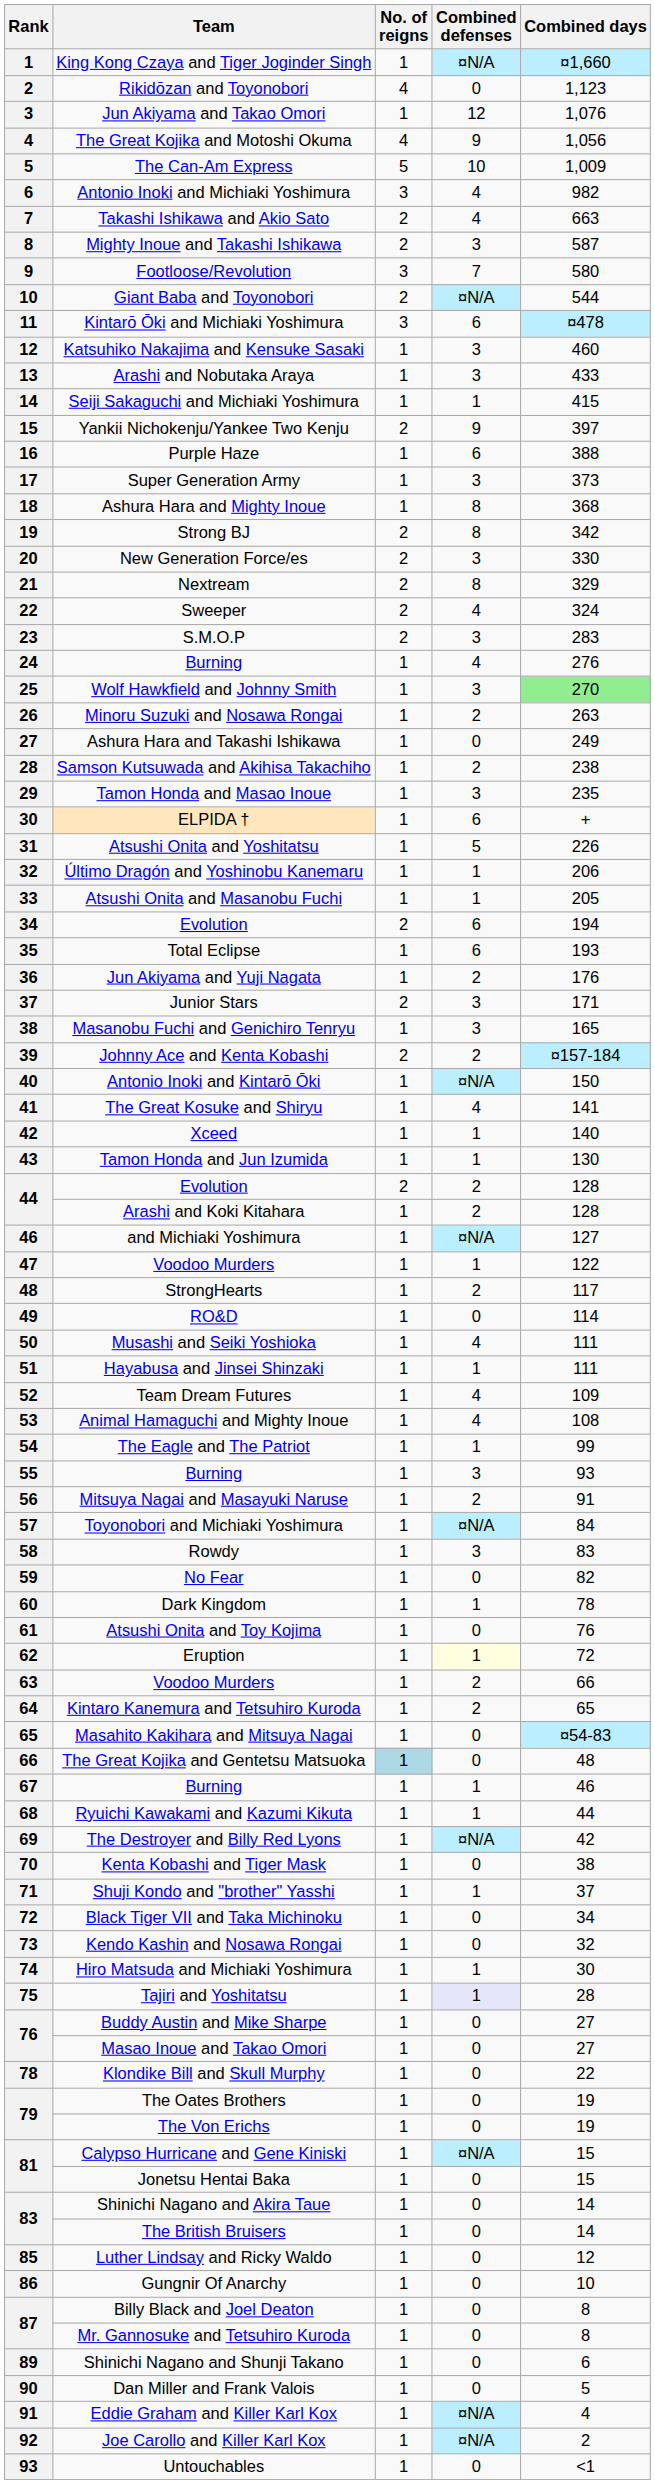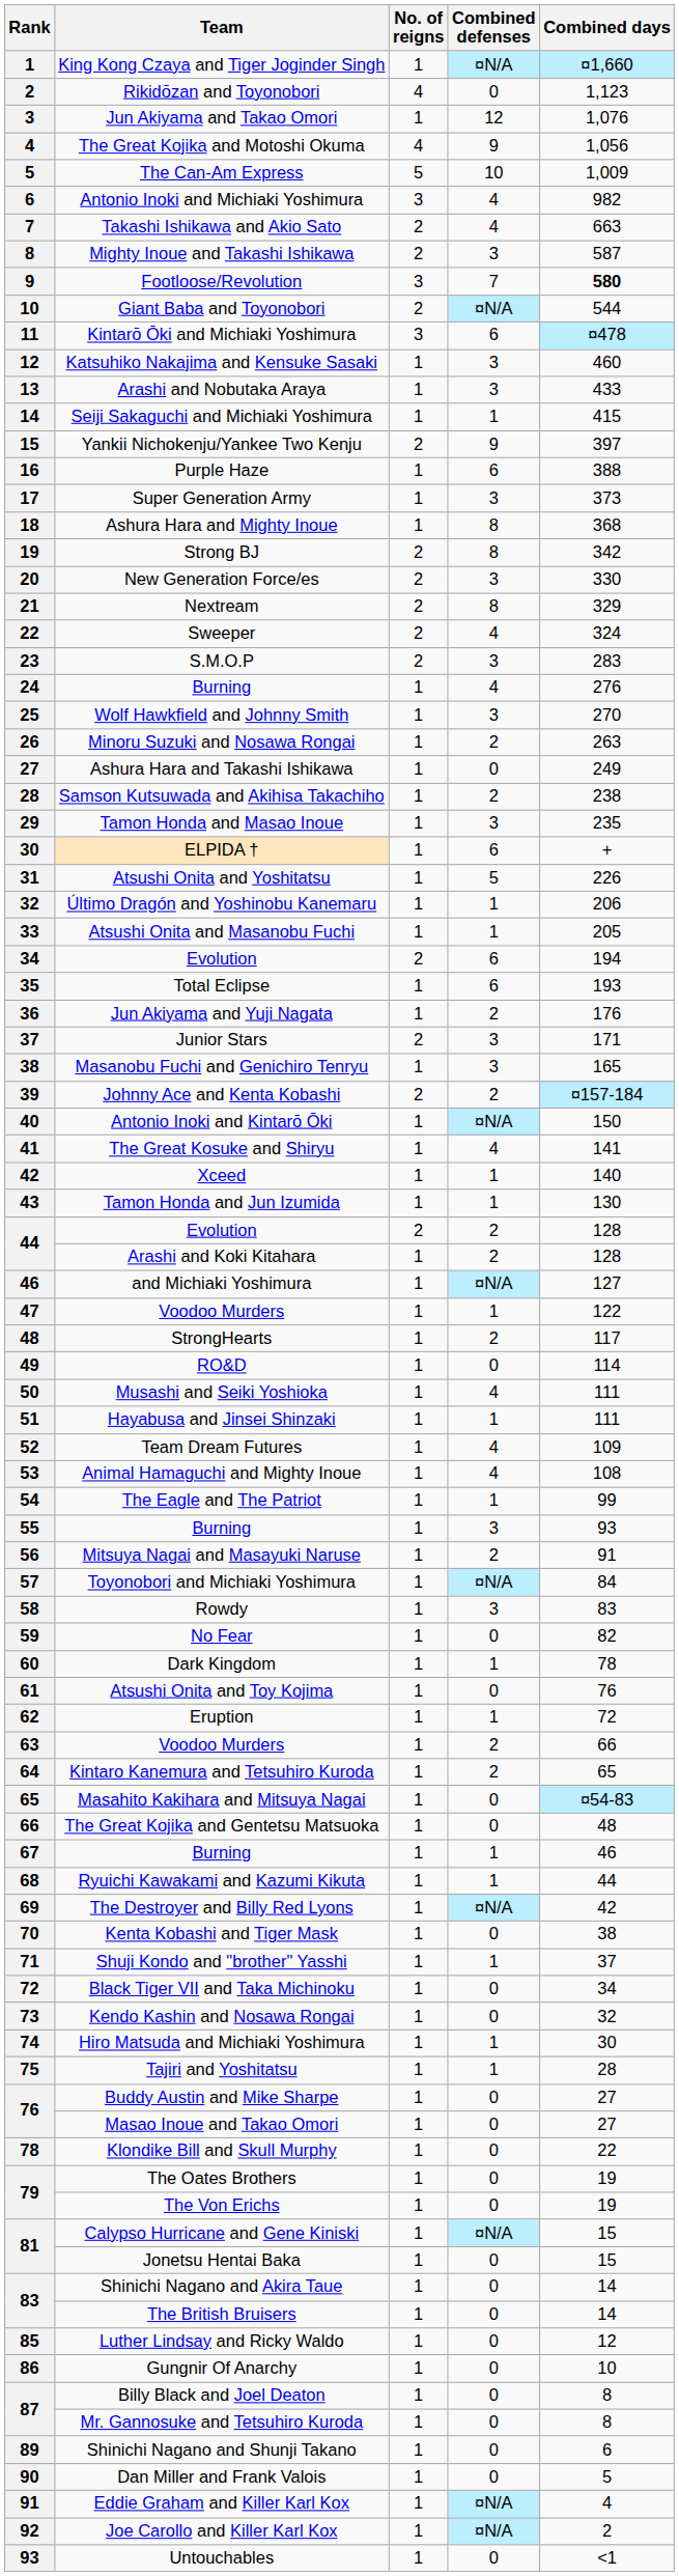 <table class="wikitable sortable" style="text-align: center">
 <tr>
 <th>Rank</th>
 <th>Team</th>
 <th>No. of<br>reigns</th>
 <th>Combined<br>defenses</th>
 <th data-sort-type="number">Combined days</th>
 </tr>
 <tr>
 <th>1</th>
 <td><a href='#'>King Kong Czaya</a> and <a href='#'>Tiger Joginder Singh</a></td>
 <td>1</td>
 <td style="background-color:#bbeeff">¤N/A</td>
 <td style="background-color:#bbeeff">¤1,660</td>
 </tr>
 <tr>
 <th>2</th>
 <td><a href='#'>Rikidōzan</a> and <a href='#'>Toyonobori</a></td>
 <td>4</td>
 <td>0</td>
 <td>1,123</td>
 </tr>
 <tr>
 <th>3</th>
 <td><a href='#'>Jun Akiyama</a> and <a href='#'>Takao Omori</a></td>
 <td>1</td>
 <td>12</td>
 <td>1,076</td>
 </tr>
 <tr>
 <th>4</th>
 <td><a href='#'>The Great Kojika</a> and Motoshi Okuma</td>
 <td>4</td>
 <td>9</td>
 <td>1,056</td>
 </tr>
 <tr>
 <th>5</th>
 <td><a href='#'>The Can-Am Express</a><br></td>
 <td>5</td>
 <td>10</td>
 <td>1,009</td>
 </tr>
 <tr>
 <th>6</th>
 <td><a href='#'>Antonio Inoki</a> and Michiaki Yoshimura</td>
 <td>3</td>
 <td>4</td>
 <td>982</td>
 </tr>
 <tr>
 <th>7</th>
 <td><a href='#'>Takashi Ishikawa</a> and <a href='#'>Akio Sato</a></td>
 <td>2</td>
 <td>4</td>
 <td>663</td>
 </tr>
 <tr>
 <th>8</th>
 <td><a href='#'>Mighty Inoue</a> and <a href='#'>Takashi Ishikawa</a></td>
 <td>2</td>
 <td>3</td>
 <td>587</td>
 </tr>
 <tr>
 <th>9</th>
 <td><a href='#'>Footloose/Revolution</a><br></td>
 <td>3</td>
 <td>7</td>
-<td>580</td>
+<td><strong>580</strong></td>
 </tr>
 <tr>
 <th>10</th>
 <td><a href='#'>Giant Baba</a> and <a href='#'>Toyonobori</a></td>
 <td>2</td>
 <td style="background-color:#bbeeff">¤N/A</td>
 <td>544</td>
 </tr>
 <tr>
 <th>11</th>
 <td><a href='#'>Kintarō Ōki</a> and Michiaki Yoshimura</td>
 <td>3</td>
 <td>6</td>
 <td style="background-color:#bbeeff">¤478</td>
 </tr>
 <tr>
 <th>12</th>
 <td><a href='#'>Katsuhiko Nakajima</a> and <a href='#'>Kensuke Sasaki</a></td>
 <td>1</td>
 <td>3</td>
 <td>460</td>
 </tr>
 <tr>
 <th>13</th>
 <td><a href='#'>Arashi</a> and Nobutaka Araya</td>
 <td>1</td>
 <td>3</td>
 <td>433</td>
 </tr>
 <tr>
 <th>14</th>
 <td><a href='#'>Seiji Sakaguchi</a> and Michiaki Yoshimura</td>
 <td>1</td>
 <td>1</td>
 <td>415</td>
 </tr>
 <tr>
 <th>15</th>
 <td>Yankii Nichokenju/Yankee Two Kenju <br></td>
 <td>2</td>
 <td>9</td>
 <td>397</td>
 </tr>
 <tr>
 <th>16</th>
 <td>Purple Haze<br></td>
 <td>1</td>
 <td>6</td>
 <td>388</td>
 </tr>
 <tr>
 <th>17</th>
 <td>Super Generation Army<br></td>
 <td>1</td>
 <td>3</td>
 <td>373</td>
 </tr>
 <tr>
 <th>18</th>
 <td>Ashura Hara and <a href='#'>Mighty Inoue</a></td>
 <td>1</td>
 <td>8</td>
 <td>368</td>
 </tr>
 <tr>
 <th>19</th>
 <td>Strong BJ<br></td>
 <td>2</td>
 <td>8</td>
 <td>342</td>
 </tr>
 <tr>
 <th>20</th>
 <td>New Generation Force/es<br></td>
 <td>2</td>
 <td>3</td>
 <td>330</td>
 </tr>
 <tr>
 <th>21</th>
 <td>Nextream<br></td>
 <td>2</td>
 <td>8</td>
 <td>329</td>
 </tr>
 <tr>
 <th>22</th>
 <td>Sweeper<br></td>
 <td>2</td>
 <td>4</td>
 <td>324</td>
 </tr>
 <tr>
 <th>23</th>
 <td>S.M.O.P<br></td>
 <td>2</td>
 <td>3</td>
 <td>283</td>
 </tr>
 <tr>
 <th>24</th>
 <td><a href='#'>Burning</a><br></td>
 <td>1</td>
 <td>4</td>
 <td>276</td>
 </tr>
 <tr>
 <th>25</th>
 <td><a href='#'>Wolf Hawkfield</a> and <a href='#'>Johnny Smith</a></td>
 <td>1</td>
 <td>3</td>
-<td style="background: lightgreen;">270</td>
+<td>270</td>
 </tr>
 <tr>
 <th>26</th>
 <td><a href='#'>Minoru Suzuki</a> and <a href='#'>Nosawa Rongai</a></td>
 <td>1</td>
 <td>2</td>
 <td>263</td>
 </tr>
 <tr>
 <th>27</th>
 <td>Ashura Hara and Takashi Ishikawa</td>
 <td>1</td>
 <td>0</td>
 <td>249</td>
 </tr>
 <tr>
 <th>28</th>
 <td><a href='#'>Samson Kutsuwada</a> and <a href='#'>Akihisa Takachiho</a></td>
 <td>1</td>
 <td>2</td>
 <td>238</td>
 </tr>
 <tr>
 <th>29</th>
 <td><a href='#'>Tamon Honda</a> and <a href='#'>Masao Inoue</a></td>
 <td>1</td>
 <td>3</td>
 <td>235</td>
 </tr>
 <tr>
 <th>30</th>
 <td style="background-color:#FFE6BD">ELPIDA †<br></td>
 <td>1</td>
 <td>6</td>
 <td>+</td>
 </tr>
 <tr>
 <th>31</th>
 <td><a href='#'>Atsushi Onita</a> and <a href='#'>Yoshitatsu</a></td>
 <td>1</td>
 <td>5</td>
 <td>226</td>
 </tr>
 <tr>
 <th>32</th>
 <td><a href='#'>Último Dragón</a> and <a href='#'>Yoshinobu Kanemaru</a></td>
 <td>1</td>
 <td>1</td>
 <td>206</td>
 </tr>
 <tr>
 <th>33</th>
 <td><a href='#'>Atsushi Onita</a> and <a href='#'>Masanobu Fuchi</a></td>
 <td>1</td>
 <td>1</td>
 <td>205</td>
 </tr>
 <tr>
 <th>34</th>
 <td><a href='#'>Evolution</a><br></td>
 <td>2</td>
 <td>6</td>
 <td>194</td>
 </tr>
 <tr>
 <th>35</th>
 <td>Total Eclipse<br></td>
 <td>1</td>
 <td>6</td>
 <td>193</td>
 </tr>
 <tr>
 <th>36</th>
 <td><a href='#'>Jun Akiyama</a> and <a href='#'>Yuji Nagata</a></td>
 <td>1</td>
 <td>2</td>
 <td>176</td>
 </tr>
 <tr>
 <th>37</th>
 <td>Junior Stars<br></td>
 <td>2</td>
 <td>3</td>
 <td>171</td>
 </tr>
 <tr>
 <th>38</th>
 <td><a href='#'>Masanobu Fuchi</a> and <a href='#'>Genichiro Tenryu</a></td>
 <td>1</td>
 <td>3</td>
 <td>165</td>
 </tr>
 <tr>
 <th>39</th>
 <td><a href='#'>Johnny Ace</a> and <a href='#'>Kenta Kobashi</a></td>
 <td>2</td>
 <td>2</td>
 <td style="background-color:#bbeeff">¤157-184</td>
 </tr>
 <tr>
 <th>40</th>
 <td><a href='#'>Antonio Inoki</a> and <a href='#'>Kintarō Ōki</a></td>
 <td>1</td>
 <td style="background-color:#bbeeff">¤N/A</td>
 <td>150</td>
 </tr>
 <tr>
 <th>41</th>
 <td><a href='#'>The Great Kosuke</a> and <a href='#'>Shiryu</a></td>
 <td>1</td>
 <td>4</td>
 <td>141</td>
 </tr>
 <tr>
 <th>42</th>
 <td><a href='#'>Xceed</a><br></td>
 <td>1</td>
 <td>1</td>
 <td>140</td>
 </tr>
 <tr>
 <th>43</th>
 <td><a href='#'>Tamon Honda</a> and <a href='#'>Jun Izumida</a></td>
 <td>1</td>
 <td>1</td>
 <td>130</td>
 </tr>
 <tr>
 <th rowspan=2>44</th>
 <td><a href='#'>Evolution</a><br></td>
 <td>2</td>
 <td>2</td>
 <td>128</td>
 </tr>
 <tr>
 <td><a href='#'>Arashi</a> and Koki Kitahara</td>
 <td>1</td>
 <td>2</td>
 <td>128</td>
 </tr>
 <tr>
 <th>46</th>
 <td> and Michiaki Yoshimura</td>
 <td>1</td>
 <td style="background-color:#bbeeff">¤N/A</td>
 <td>127</td>
 </tr>
 <tr>
 <th>47</th>
 <td><a href='#'>Voodoo Murders</a><br></td>
 <td>1</td>
 <td>1</td>
 <td>122</td>
 </tr>
 <tr>
 <th>48</th>
 <td>StrongHearts<br></td>
 <td>1</td>
 <td>2</td>
 <td>117</td>
 </tr>
 <tr>
 <th>49</th>
 <td><a href='#'>RO&D</a><br></td>
 <td>1</td>
 <td>0</td>
 <td>114</td>
 </tr>
 <tr>
 <th>50</th>
 <td><a href='#'>Musashi</a> and <a href='#'>Seiki Yoshioka</a></td>
 <td>1</td>
 <td>4</td>
 <td>111</td>
 </tr>
 <tr>
 <th>51</th>
 <td><a href='#'>Hayabusa</a> and <a href='#'>Jinsei Shinzaki</a></td>
 <td>1</td>
 <td>1</td>
 <td>111</td>
 </tr>
 <tr>
 <th>52</th>
 <td>Team Dream Futures<br></td>
 <td>1</td>
 <td>4</td>
 <td>109</td>
 </tr>
 <tr>
 <th>53</th>
 <td><a href='#'>Animal Hamaguchi</a> and Mighty Inoue</td>
 <td>1</td>
 <td>4</td>
 <td>108</td>
 </tr>
 <tr>
 <th>54</th>
 <td><a href='#'>The Eagle</a> and <a href='#'>The Patriot</a></td>
 <td>1</td>
 <td>1</td>
 <td>99</td>
 </tr>
 <tr>
 <th>55</th>
 <td><a href='#'>Burning</a><br></td>
 <td>1</td>
 <td>3</td>
 <td>93</td>
 </tr>
 <tr>
 <th>56</th>
 <td><a href='#'>Mitsuya Nagai</a> and <a href='#'>Masayuki Naruse</a></td>
 <td>1</td>
 <td>2</td>
 <td>91</td>
 </tr>
 <tr>
 <th>57</th>
 <td><a href='#'>Toyonobori</a> and Michiaki Yoshimura</td>
 <td>1</td>
 <td style="background-color:#bbeeff">¤N/A</td>
 <td>84</td>
 </tr>
 <tr>
 <th>58</th>
 <td>Rowdy<br></td>
 <td>1</td>
 <td>3</td>
 <td>83</td>
 </tr>
 <tr>
 <th>59</th>
 <td><a href='#'>No Fear</a><br></td>
 <td>1</td>
 <td>0</td>
 <td>82</td>
 </tr>
 <tr>
 <th>60</th>
 <td>Dark Kingdom<br></td>
 <td>1</td>
 <td>1</td>
 <td>78</td>
 </tr>
 <tr>
 <th>61</th>
 <td><a href='#'>Atsushi Onita</a> and <a href='#'>Toy Kojima</a></td>
 <td>1</td>
 <td>0</td>
 <td>76</td>
 </tr>
 <tr>
 <th>62</th>
 <td>Eruption <br></td>
 <td>1</td>
-<td style="background: lightyellow;">1</td>
+<td>1</td>
 <td>72</td>
 </tr>
 <tr>
 <th>63</th>
 <td><a href='#'>Voodoo Murders</a><br></td>
 <td>1</td>
 <td>2</td>
 <td>66</td>
 </tr>
 <tr>
 <th>64</th>
 <td><a href='#'>Kintaro Kanemura</a> and <a href='#'>Tetsuhiro Kuroda</a></td>
 <td>1</td>
 <td>2</td>
 <td>65</td>
 </tr>
 <tr>
 <th>65</th>
 <td><a href='#'>Masahito Kakihara</a> and <a href='#'>Mitsuya Nagai</a></td>
 <td>1</td>
 <td>0</td>
 <td style="background-color:#bbeeff">¤54-83</td>
 </tr>
 <tr>
 <th>66</th>
 <td><a href='#'>The Great Kojika</a> and Gentetsu Matsuoka</td>
-<td style="background: lightblue;">1</td>
+<td>1</td>
 <td>0</td>
 <td>48</td>
 </tr>
 <tr>
 <th>67</th>
 <td><a href='#'>Burning</a><br></td>
 <td>1</td>
 <td>1</td>
 <td>46</td>
 </tr>
 <tr>
 <th>68</th>
 <td><a href='#'>Ryuichi Kawakami</a> and <a href='#'>Kazumi Kikuta</a></td>
 <td>1</td>
 <td>1</td>
 <td>44</td>
 </tr>
 <tr>
 <th>69</th>
 <td><a href='#'>The Destroyer</a> and <a href='#'>Billy Red Lyons</a></td>
 <td>1</td>
 <td style="background-color:#bbeeff">¤N/A</td>
 <td>42</td>
 </tr>
 <tr>
 <th>70</th>
 <td><a href='#'>Kenta Kobashi</a> and <a href='#'>Tiger Mask</a></td>
 <td>1</td>
 <td>0</td>
 <td>38</td>
 </tr>
 <tr>
 <th>71</th>
 <td><a href='#'>Shuji Kondo</a> and <a href='#'>"brother" Yasshi</a></td>
 <td>1</td>
 <td>1</td>
 <td>37</td>
 </tr>
 <tr>
 <th>72</th>
 <td><a href='#'>Black Tiger VII</a> and <a href='#'>Taka Michinoku</a></td>
 <td>1</td>
 <td>0</td>
 <td>34</td>
 </tr>
 <tr>
 <th>73</th>
 <td><a href='#'>Kendo Kashin</a> and <a href='#'>Nosawa Rongai</a></td>
 <td>1</td>
 <td>0</td>
 <td>32</td>
 </tr>
 <tr>
 <th>74</th>
 <td><a href='#'>Hiro Matsuda</a> and Michiaki Yoshimura</td>
 <td>1</td>
 <td>1</td>
 <td>30</td>
 </tr>
 <tr>
 <th>75</th>
 <td><a href='#'>Tajiri</a> and <a href='#'>Yoshitatsu</a></td>
 <td>1</td>
-<td style="background: lavender;">1</td>
+<td>1</td>
 <td>28</td>
 </tr>
 <tr>
 <th rowspan=2>76</th>
 <td><a href='#'>Buddy Austin</a> and <a href='#'>Mike Sharpe</a></td>
 <td>1</td>
 <td>0</td>
 <td>27</td>
 </tr>
 <tr>
 <td><a href='#'>Masao Inoue</a> and <a href='#'>Takao Omori</a></td>
 <td>1</td>
 <td>0</td>
 <td>27</td>
 </tr>
 <tr>
 <th>78</th>
 <td><a href='#'>Klondike Bill</a> and <a href='#'>Skull Murphy</a></td>
 <td>1</td>
 <td>0</td>
 <td>22</td>
 </tr>
 <tr>
 <th rowspan=2>79</th>
 <td>The Oates Brothers<br></td>
 <td>1</td>
 <td>0</td>
 <td>19</td>
 </tr>
 <tr>
 <td><a href='#'>The Von Erichs</a> <br></td>
 <td>1</td>
 <td>0</td>
 <td>19</td>
 </tr>
 <tr>
 <th rowspan=2>81</th>
 <td><a href='#'>Calypso Hurricane</a> and <a href='#'>Gene Kiniski</a></td>
 <td>1</td>
 <td style="background-color:#bbeeff">¤N/A</td>
 <td>15</td>
 </tr>
 <tr>
 <td>Jonetsu Hentai Baka<br></td>
 <td>1</td>
 <td>0</td>
 <td>15</td>
 </tr>
 <tr>
 <th rowspan=2>83</th>
 <td>Shinichi Nagano and <a href='#'>Akira Taue</a></td>
 <td>1</td>
 <td>0</td>
 <td>14</td>
 </tr>
 <tr>
 <td><a href='#'>The British Bruisers</a><br></td>
 <td>1</td>
 <td>0</td>
 <td>14</td>
 </tr>
 <tr>
 <th>85</th>
 <td><a href='#'>Luther Lindsay</a> and Ricky Waldo</td>
 <td>1</td>
 <td>0</td>
 <td>12</td>
 </tr>
 <tr>
 <th>86</th>
 <td>Gungnir Of Anarchy<br></td>
 <td>1</td>
 <td>0</td>
 <td>10</td>
 </tr>
 <tr>
 <th rowspan=2>87</th>
 <td>Billy Black and <a href='#'>Joel Deaton</a></td>
 <td>1</td>
 <td>0</td>
 <td>8</td>
 </tr>
 <tr>
 <td><a href='#'>Mr. Gannosuke</a> and <a href='#'>Tetsuhiro Kuroda</a></td>
 <td>1</td>
 <td>0</td>
 <td>8</td>
 </tr>
 <tr>
 <th>89</th>
 <td>Shinichi Nagano and Shunji Takano</td>
 <td>1</td>
 <td>0</td>
 <td>6</td>
 </tr>
 <tr>
 <th>90</th>
 <td>Dan Miller and Frank Valois</td>
 <td>1</td>
 <td>0</td>
 <td>5</td>
 </tr>
 <tr>
 <th>91</th>
 <td><a href='#'>Eddie Graham</a> and <a href='#'>Killer Karl Kox</a></td>
 <td>1</td>
 <td style="background-color:#bbeeff">¤N/A</td>
 <td>4</td>
 </tr>
 <tr>
 <th>92</th>
 <td><a href='#'>Joe Carollo</a> and <a href='#'>Killer Karl Kox</a></td>
 <td>1</td>
 <td style="background-color:#bbeeff">¤N/A</td>
 <td>2</td>
 </tr>
 <tr>
 <th>93</th>
 <td>Untouchables<br></td>
 <td>1</td>
 <td>0</td>
 <td><1</td>
 </tr>
 </table>
